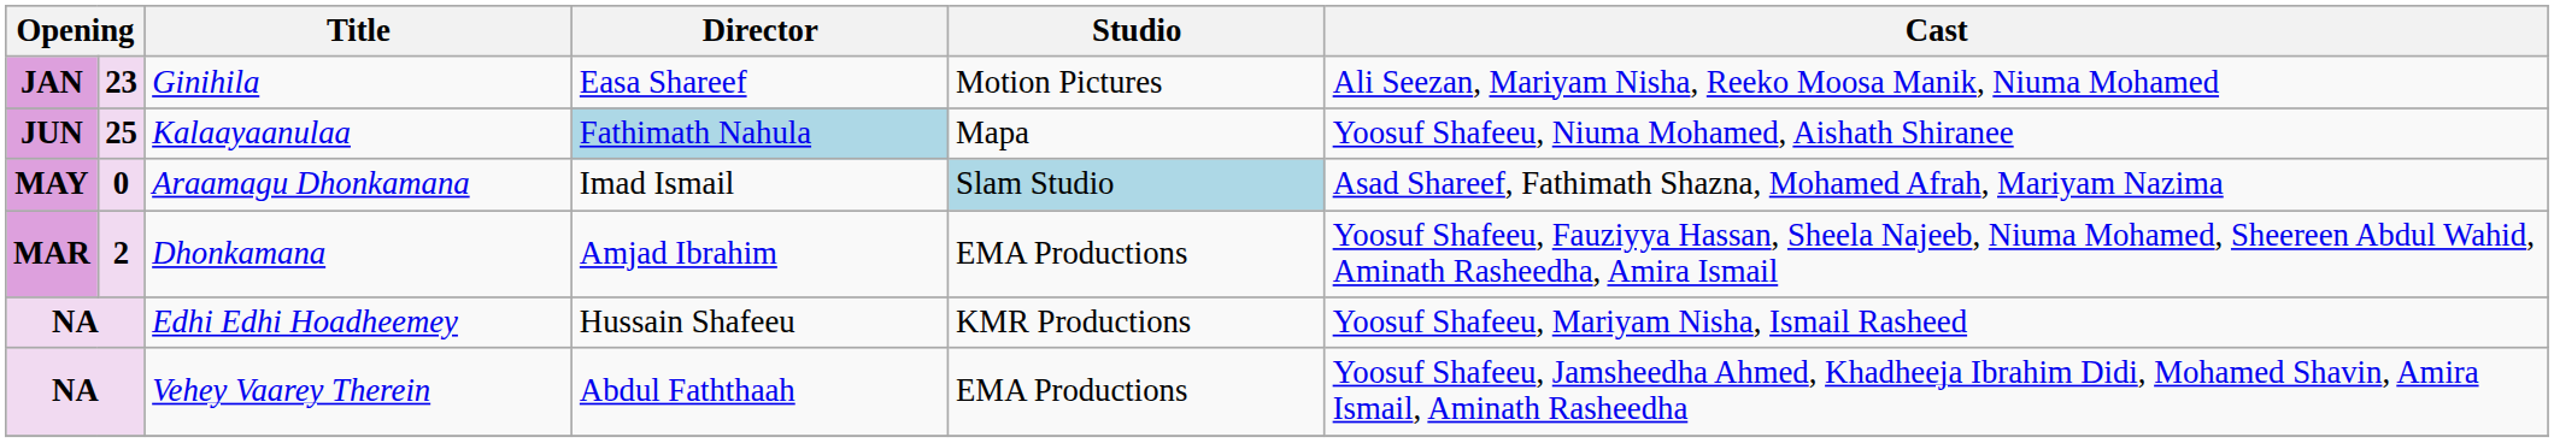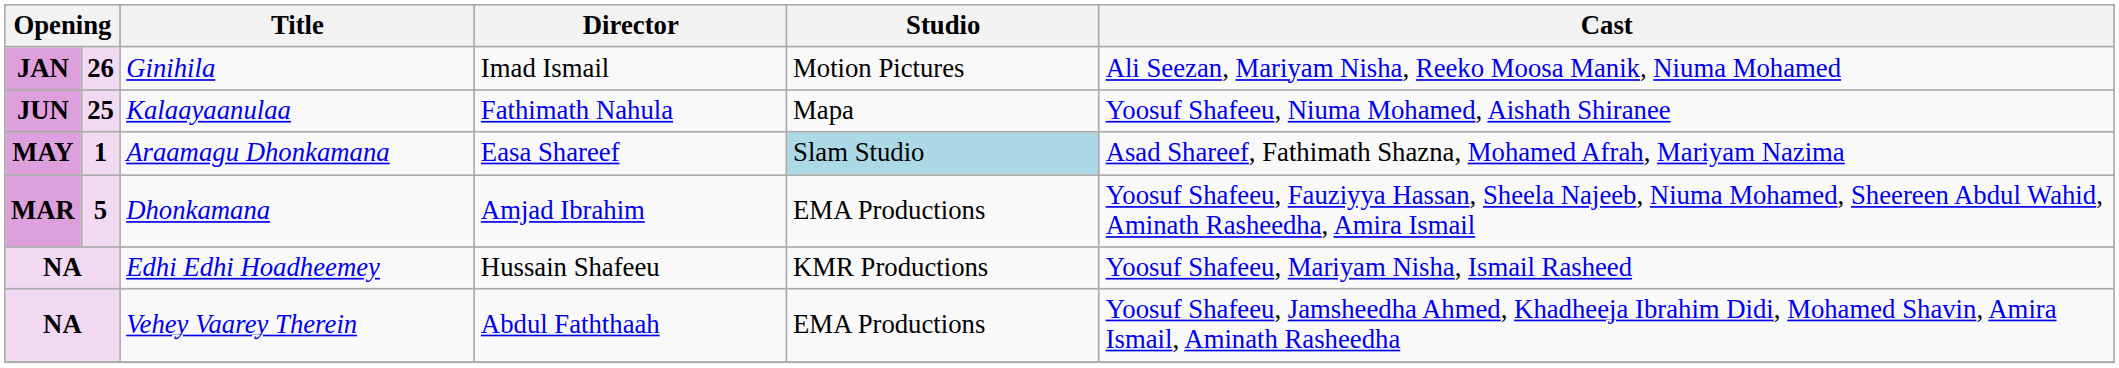 <table class="wikitable plainrowheaders" width="100%">
 <tr>
 <th scope="col" colspan="2" width=4%>Opening</th>
 <th scope="col" width=17%>Title</th>
 <th scope="col" width=15%>Director</th>
 <th scope="col" width=15%>Studio</th>
 <th scope="col" width=53%>Cast</th>
 </tr>
 <tr>
 <td style="text-align:center; background:plum; textcolor:#000;"><strong>JAN</strong></td>
-<td style="text-align:center; background:#f1daf1;"><strong>23</strong></td>
+<td style="text-align:center; background:#f1daf1;"><strong>26</strong></td>
 <td><em><a href='#'>Ginihila</a></em></td>
-<td><a href='#'>Easa Shareef</a></td>
+<td>Imad Ismail</td>
 <td>Motion Pictures</td>
 <td><a href='#'>Ali Seezan</a>, <a href='#'>Mariyam Nisha</a>, <a href='#'>Reeko Moosa Manik</a>, <a href='#'>Niuma Mohamed</a></td>
 </tr>
 <tr>
 <td style="text-align:center; background:plum; textcolor:#000;"><strong>JUN</strong></td>
 <td style="text-align:center; background:#f1daf1;"><strong>25</strong></td>
 <td><em><a href='#'>Kalaayaanulaa</a></em></td>
-<td style="background: lightblue;"><a href='#'>Fathimath Nahula</a></td>
+<td><a href='#'>Fathimath Nahula</a></td>
 <td>Mapa</td>
 <td><a href='#'>Yoosuf Shafeeu</a>, <a href='#'>Niuma Mohamed</a>, <a href='#'>Aishath Shiranee</a></td>
 </tr>
 <tr>
 <td style="text-align:center; background:plum; textcolor:#000;"><strong>MAY</strong></td>
-<td style="text-align:center; background:#f1daf1;"><strong>0</strong></td>
+<td style="text-align:center; background:#f1daf1;"><strong>1</strong></td>
 <td><em><a href='#'>Araamagu Dhonkamana</a></em></td>
-<td>Imad Ismail</td>
+<td><a href='#'>Easa Shareef</a></td>
 <td style="background: lightblue;">Slam Studio</td>
 <td><a href='#'>Asad Shareef</a>, Fathimath Shazna, <a href='#'>Mohamed Afrah</a>, <a href='#'>Mariyam Nazima</a></td>
 </tr>
 <tr>
 <td style="text-align:center; background:plum; textcolor:#000;"><strong>MAR</strong></td>
-<td style="text-align:center; background:#f1daf1;"><strong>2</strong></td>
+<td style="text-align:center; background:#f1daf1;"><strong>5</strong></td>
 <td><em><a href='#'>Dhonkamana</a></em></td>
 <td><a href='#'>Amjad Ibrahim</a></td>
 <td>EMA Productions</td>
 <td><a href='#'>Yoosuf Shafeeu</a>, <a href='#'>Fauziyya Hassan</a>, <a href='#'>Sheela Najeeb</a>, <a href='#'>Niuma Mohamed</a>, <a href='#'>Sheereen Abdul Wahid</a>, <a href='#'>Aminath Rasheedha</a>, <a href='#'>Amira Ismail</a></td>
 </tr>
 <tr>
 <td style="text-align:center; background:#f1daf1;" colspan="2"><strong>NA</strong></td>
 <td><em><a href='#'>Edhi Edhi Hoadheemey</a></em></td>
 <td>Hussain Shafeeu</td>
 <td>KMR Productions</td>
 <td><a href='#'>Yoosuf Shafeeu</a>, <a href='#'>Mariyam Nisha</a>, <a href='#'>Ismail Rasheed</a></td>
 </tr>
 <tr>
 <td style="text-align:center; background:#f1daf1;" colspan="2"><strong>NA</strong></td>
 <td><em><a href='#'>Vehey Vaarey Therein</a></em></td>
 <td><a href='#'>Abdul Faththaah</a></td>
 <td>EMA Productions</td>
 <td><a href='#'>Yoosuf Shafeeu</a>, <a href='#'>Jamsheedha Ahmed</a>, <a href='#'>Khadheeja Ibrahim Didi</a>, <a href='#'>Mohamed Shavin</a>, <a href='#'>Amira Ismail</a>, <a href='#'>Aminath Rasheedha</a></td>
 </tr>
 <tr>
 </tr>
 </table>
